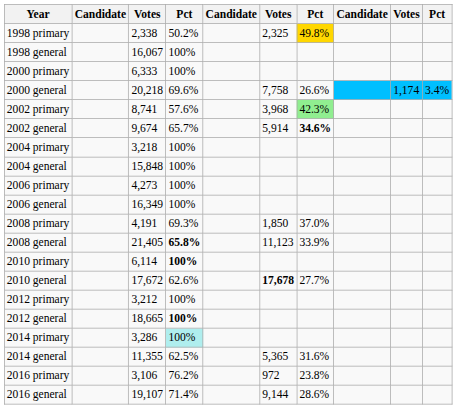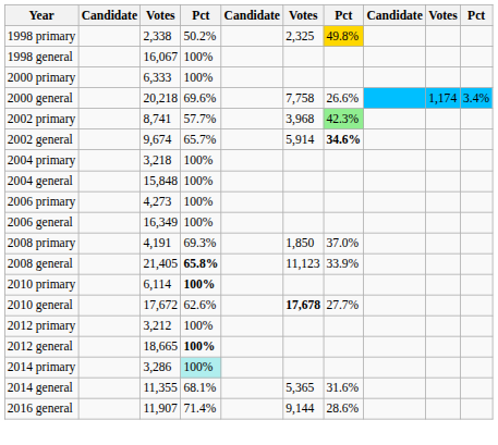 <table class="wikitable" style="margin:0.5em ; font-size:95%">
 <tr>
 <th>Year</th>
 <th>Candidate</th>
 <th>Votes</th>
 <th>Pct</th>
 <th>Candidate</th>
 <th>Votes</th>
 <th>Pct</th>
 <th>Candidate</th>
 <th>Votes</th>
 <th>Pct</th>
 </tr>
 <tr>
 <td>1998 primary</td>
 <td></td>
 <td>2,338</td>
 <td>50.2%</td>
 <td></td>
 <td>2,325</td>
 <td style="background: gold;">49.8%</td>
 <td></td>
 <td></td>
 <td></td>
 </tr>
 <tr>
 <td>1998 general</td>
 <td></td>
 <td>16,067</td>
 <td>100%</td>
 <td></td>
 <td></td>
 <td></td>
 <td></td>
 <td></td>
 <td></td>
 </tr>
 <tr>
 <td>2000 primary</td>
 <td></td>
 <td>6,333</td>
 <td>100%</td>
 <td></td>
 <td></td>
 <td></td>
 <td></td>
 <td></td>
 <td></td>
 </tr>
 <tr>
 <td>2000 general</td>
 <td></td>
 <td>20,218</td>
 <td>69.6%</td>
 <td></td>
 <td>7,758</td>
 <td>26.6%</td>
 <td style="background:#00bfff"></td>
 <td style="background:#00bfff">1,174</td>
 <td style="background:#00bfff">3.4%</td>
 </tr>
 <tr>
 <td>2002 primary</td>
 <td></td>
 <td>8,741</td>
-<td>57.6%</td>
+<td>57.7%</td>
 <td></td>
 <td>3,968</td>
 <td style="background: lightgreen;">42.3%</td>
 <td></td>
 <td></td>
 <td></td>
 </tr>
 <tr>
 <td>2002 general</td>
 <td></td>
 <td>9,674</td>
 <td>65.7%</td>
 <td></td>
 <td>5,914</td>
 <td><strong>34.6%</strong></td>
 <td></td>
 <td></td>
 <td></td>
 </tr>
 <tr>
 <td>2004 primary</td>
 <td></td>
 <td>3,218</td>
 <td>100%</td>
 <td></td>
 <td></td>
 <td></td>
 <td></td>
 <td></td>
 <td></td>
 </tr>
 <tr>
 <td>2004 general</td>
 <td></td>
 <td>15,848</td>
 <td>100%</td>
 <td></td>
 <td></td>
 <td></td>
 <td></td>
 <td></td>
 <td></td>
 </tr>
 <tr>
 <td>2006 primary</td>
 <td></td>
 <td>4,273</td>
 <td>100%</td>
 <td></td>
 <td></td>
 <td></td>
 <td></td>
 <td></td>
 <td></td>
 </tr>
 <tr>
 <td>2006 general</td>
 <td></td>
 <td>16,349</td>
 <td>100%</td>
 <td></td>
 <td></td>
 <td></td>
 <td></td>
 <td></td>
 <td></td>
 </tr>
 <tr>
 <td>2008 primary</td>
 <td></td>
 <td>4,191</td>
 <td>69.3%</td>
 <td></td>
 <td>1,850</td>
 <td>37.0%</td>
 <td></td>
 <td></td>
 <td></td>
 </tr>
 <tr>
 <td>2008 general</td>
 <td></td>
 <td>21,405</td>
 <td><strong>65.8%</strong></td>
 <td></td>
 <td>11,123</td>
 <td>33.9%</td>
 <td></td>
 <td></td>
 <td></td>
 </tr>
 <tr>
 <td>2010 primary</td>
 <td></td>
 <td>6,114</td>
 <td><strong>100%</strong></td>
 <td></td>
 <td></td>
 <td></td>
 <td></td>
 <td></td>
 <td></td>
 </tr>
 <tr>
 <td>2010 general</td>
 <td></td>
 <td>17,672</td>
 <td>62.6%</td>
 <td></td>
 <td><strong>17,678</strong></td>
 <td>27.7%</td>
 <td></td>
 <td></td>
 </tr>
 <tr>
 <td>2012 primary</td>
 <td></td>
 <td>3,212</td>
 <td>100%</td>
 <td></td>
 <td></td>
 <td></td>
 <td></td>
 <td></td>
 <td></td>
 </tr>
 <tr>
 <td>2012 general</td>
 <td></td>
 <td>18,665</td>
 <td><strong>100%</strong></td>
 <td></td>
 <td></td>
 <td></td>
 <td></td>
 <td></td>
 <td></td>
 </tr>
 <tr>
 <td>2014 primary</td>
 <td></td>
 <td>3,286</td>
 <td style="background: paleturquoise;">100%</td>
 <td></td>
 <td></td>
 <td></td>
 <td></td>
 <td></td>
 <td></td>
 </tr>
 <tr>
 <td>2014 general</td>
 <td></td>
 <td>11,355</td>
-<td>62.5%</td>
+<td>68.1%</td>
 <td></td>
 <td>5,365</td>
 <td>31.6%</td>
 <td></td>
 <td></td>
 <td></td>
 </tr>
 <tr>
-<td>2016 primary</td>
-<td></td>
-<td>3,106</td>
-<td>76.2%</td>
-<td></td>
-<td>972</td>
-<td>23.8%</td>
-<td></td>
-<td></td>
-<td></td>
-</tr>
-<tr>
 <td>2016 general</td>
 <td></td>
-<td>19,107</td>
+<td>11,907</td>
 <td>71.4%</td>
 <td></td>
 <td>9,144</td>
 <td>28.6%</td>
 <td></td>
 <td></td>
 <td></td>
 </tr>
 </table>
